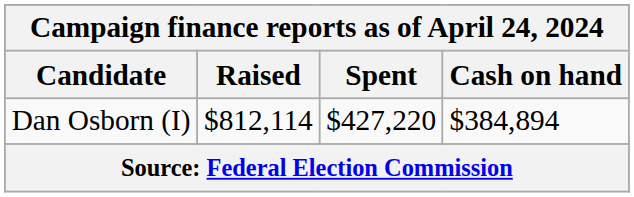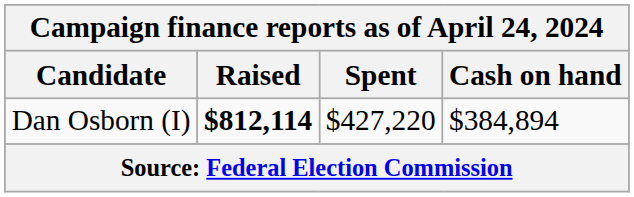 <table class="wikitable sortable">
 <tr>
 <th colspan=4>Campaign finance reports as of April 24, 2024</th>
 </tr>
 <tr style="text-align:center;">
 <th>Candidate</th>
 <th>Raised</th>
 <th>Spent</th>
 <th>Cash on hand</th>
 </tr>
 <tr>
 <td>Dan Osborn (I)</td>
-<td>$812,114</td>
+<td><strong>$812,114</strong></td>
 <td>$427,220</td>
 <td>$384,894</td>
 </tr>
 <tr>
 <th colspan="4"><small>Source: <a href='#'>Federal Election Commission</a></small></th>
 </tr>
 </table>
